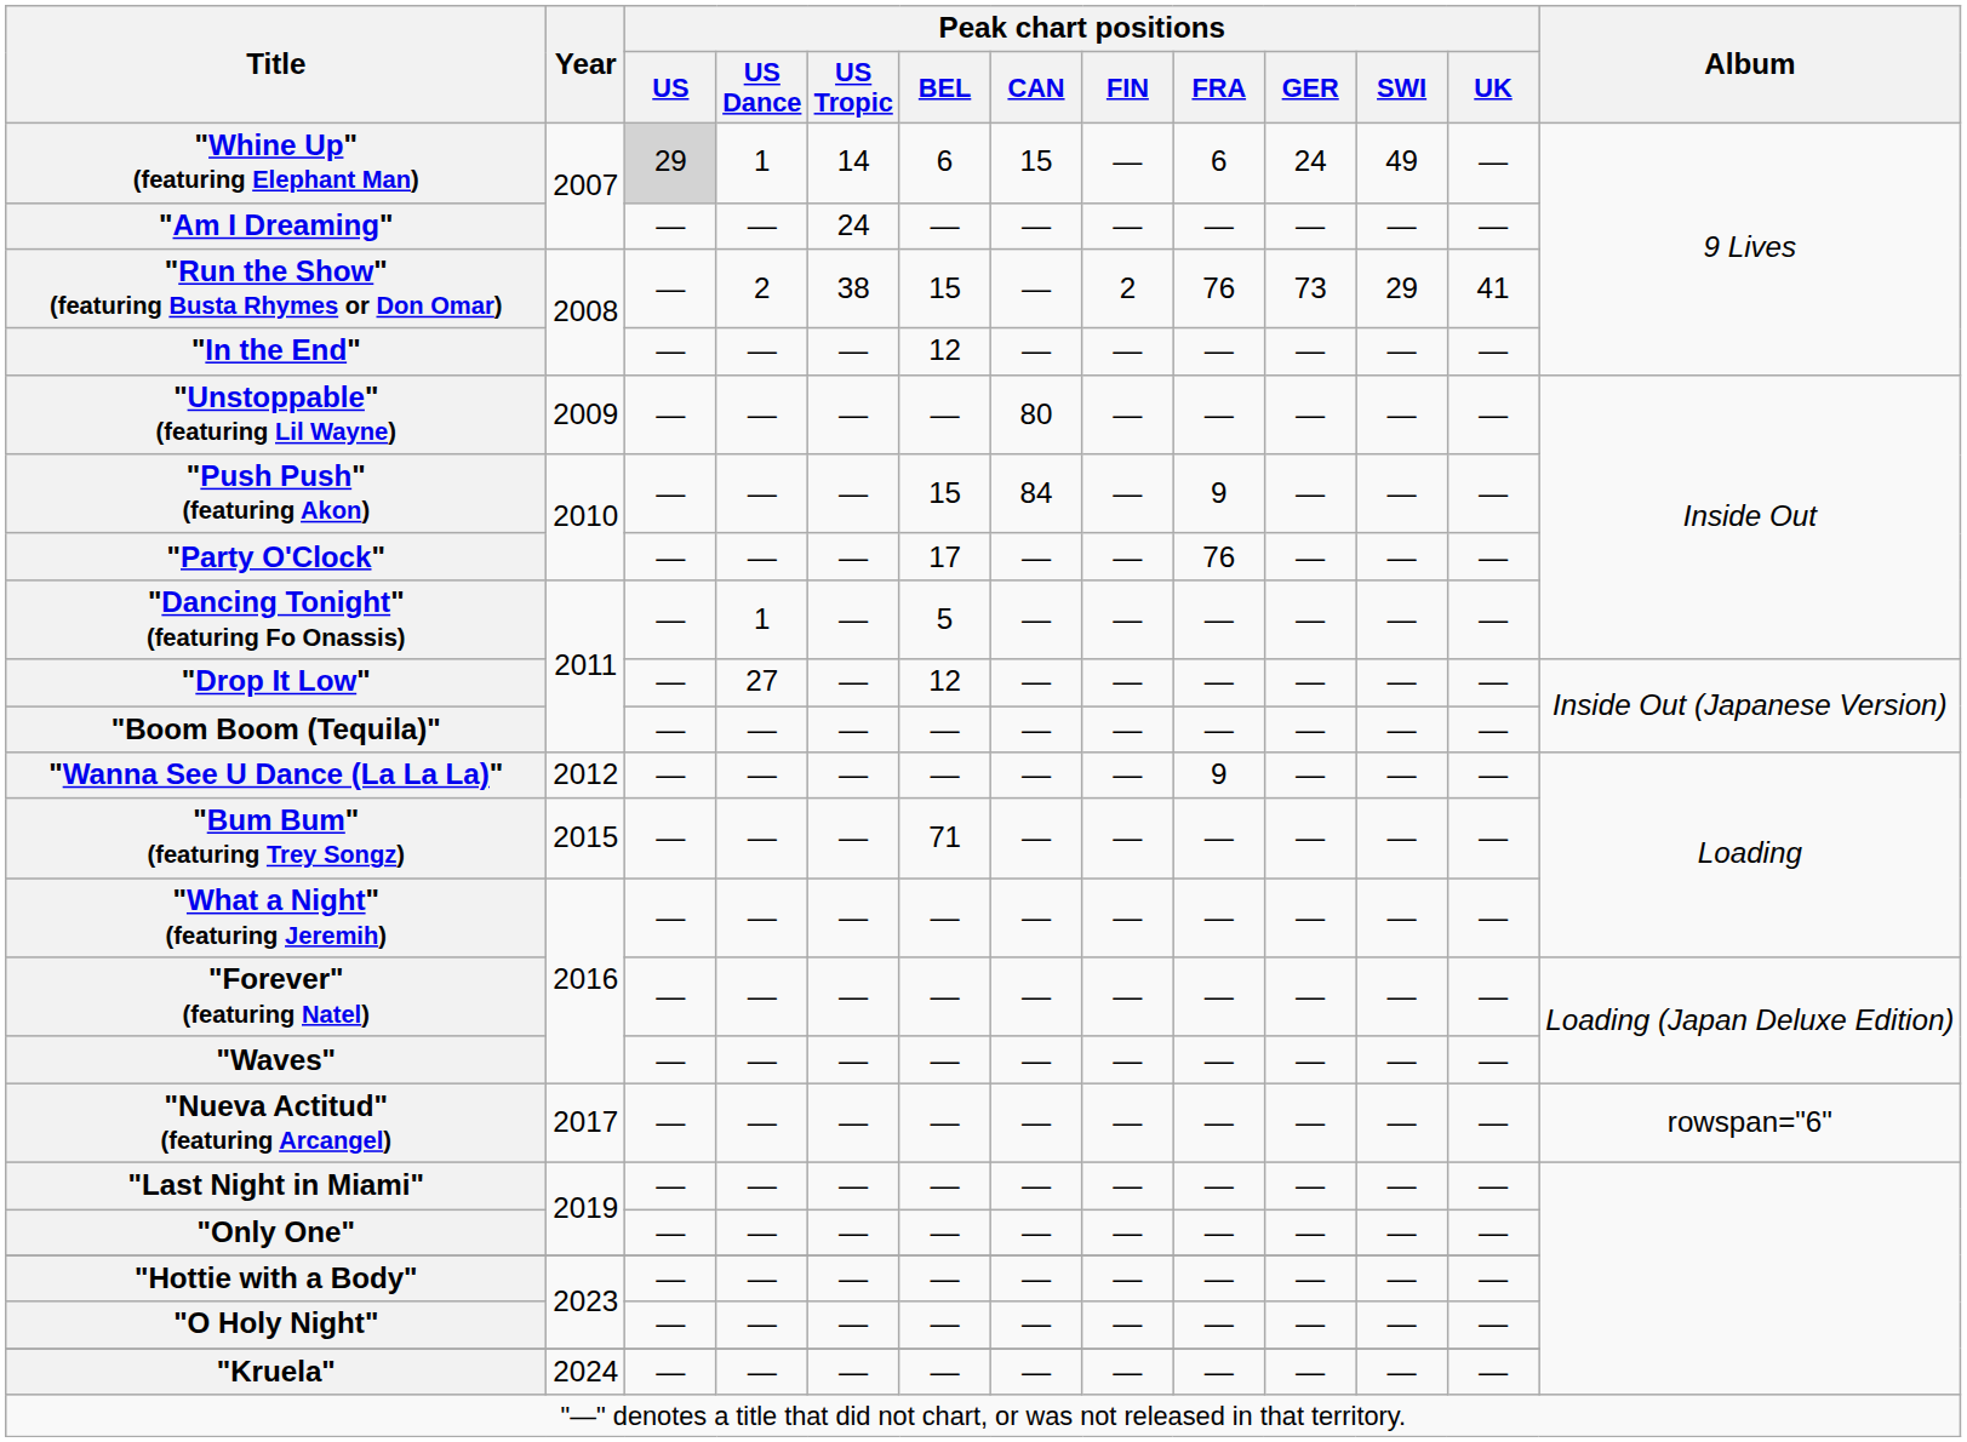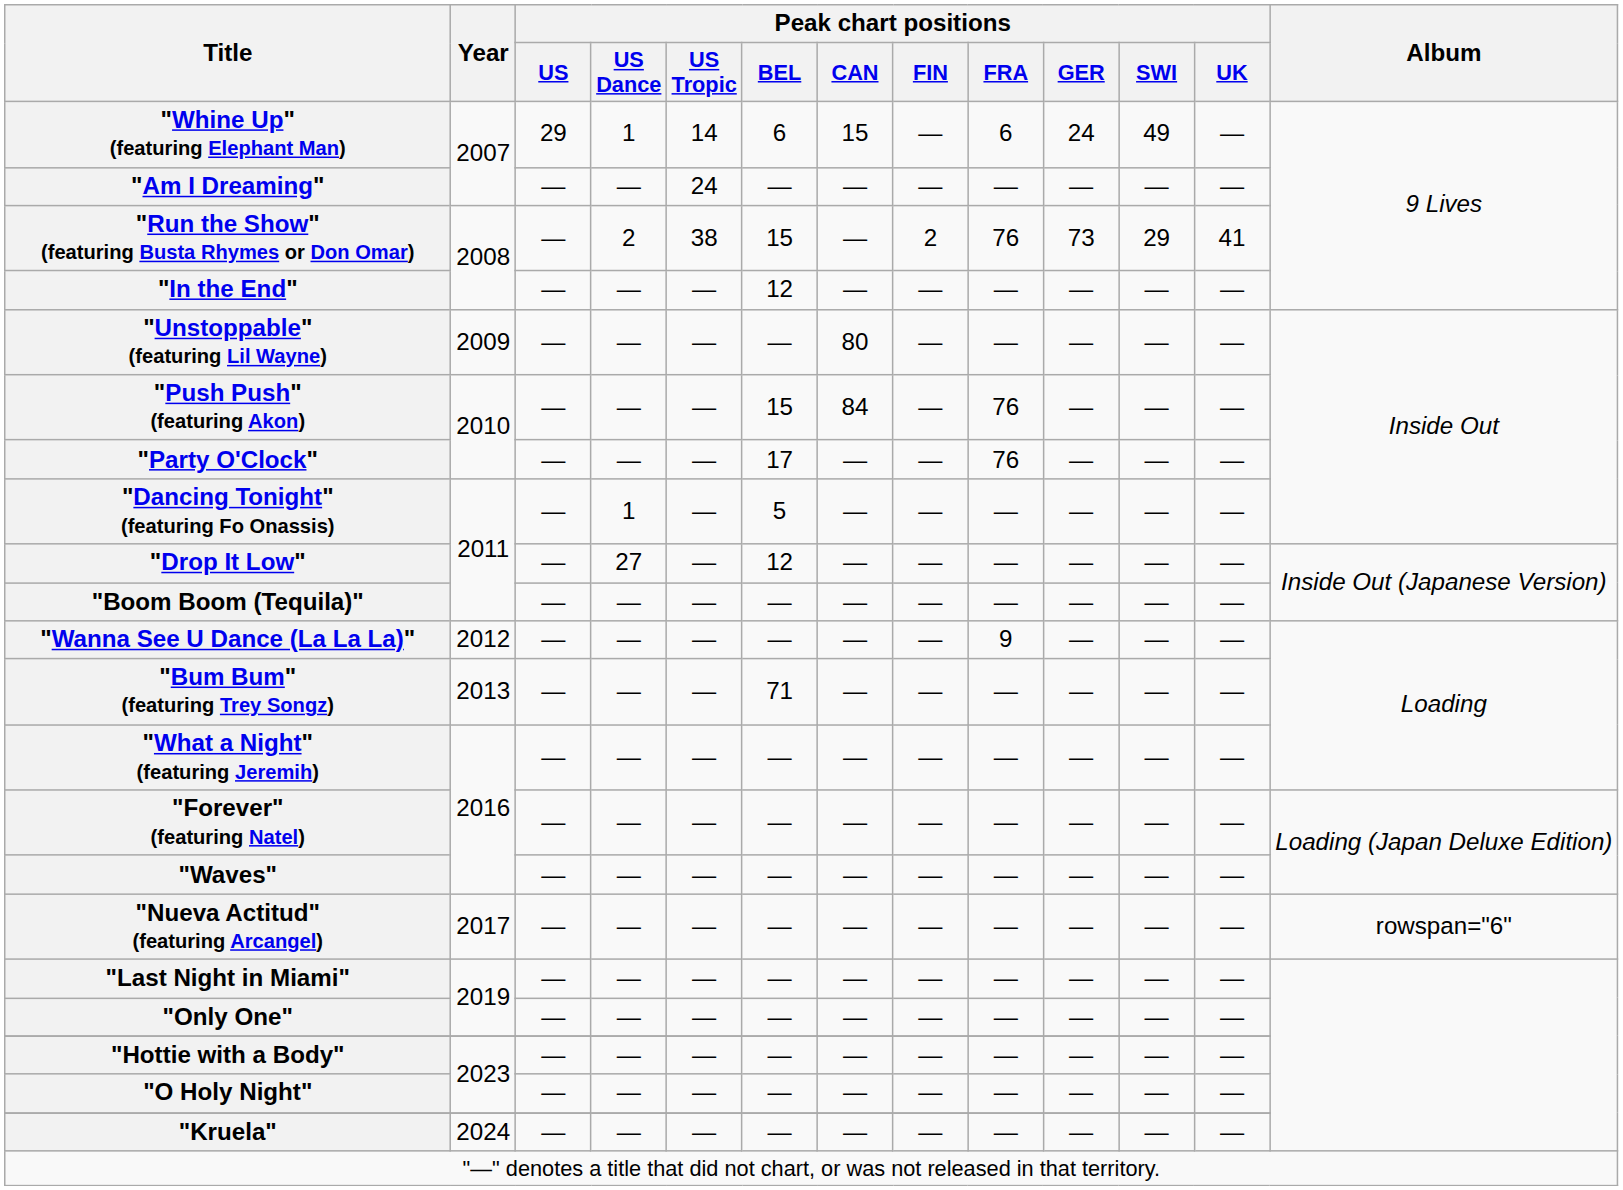 <table class="wikitable plainrowheaders" style="text-align:center;" border="1">
 <tr>
 <th scope="col" rowspan="2" style="width:18em;">Title</th>
 <th scope="col" rowspan="2">Year</th>
 <th scope="col" colspan="10">Peak chart positions</th>
 <th scope="col" rowspan="2">Album</th>
 </tr>
 <tr>
 <th scope="col" style="width:3em;font-size:90%;"><a href='#'>US</a><br></th>
 <th scope="col" style="width:3em;font-size:90%;"><a href='#'>US Dance</a><br></th>
 <th scope="col" style="width:3em;font-size:90%;"><a href='#'>US Tropic</a><br></th>
 <th scope="col" style="width:3em;font-size:90%;"><a href='#'>BEL</a><br></th>
 <th scope="col" style="width:3em;font-size:90%;"><a href='#'>CAN</a><br></th>
 <th scope="col" style="width:3em;font-size:90%;"><a href='#'>FIN</a><br></th>
 <th scope="col" style="width:3em;font-size:90%;"><a href='#'>FRA</a><br></th>
 <th scope="col" style="width:3em;font-size:90%;"><a href='#'>GER</a><br></th>
 <th scope="col" style="width:3em;font-size:90%;"><a href='#'>SWI</a><br></th>
 <th scope="col" style="width:3em;font-size:90%;"><a href='#'>UK</a><br></th>
 </tr>
 <tr>
 <th scope="row">"<a href='#'>Whine Up</a>" <br><small>(featuring <a href='#'>Elephant Man</a>)</small></th>
 <td rowspan="2">2007</td>
-<td style="background: lightgrey;">29</td>
+<td>29</td>
 <td>1</td>
 <td>14</td>
 <td>6</td>
 <td>15</td>
 <td>—</td>
 <td>6</td>
 <td>24</td>
 <td>49</td>
 <td>—</td>
 <td rowspan="4"><em>9 Lives</em></td>
 </tr>
 <tr>
 <th scope="row">"<a href='#'>Am I Dreaming</a>"</th>
 <td>—</td>
 <td>—</td>
 <td>24</td>
 <td>—</td>
 <td>—</td>
 <td>—</td>
 <td>—</td>
 <td>—</td>
 <td>—</td>
 <td>—</td>
 </tr>
 <tr>
 <th scope="row">"<a href='#'>Run the Show</a>" <br><small>(featuring <a href='#'>Busta Rhymes</a> or <a href='#'>Don Omar</a>)</small></th>
 <td rowspan="2">2008</td>
 <td>—</td>
 <td>2</td>
 <td>38</td>
 <td>15</td>
 <td>—</td>
 <td>2</td>
 <td>76</td>
 <td>73</td>
 <td>29</td>
 <td>41</td>
 </tr>
 <tr>
 <th scope="row">"<a href='#'>In the End</a>"</th>
 <td>—</td>
 <td>—</td>
 <td>—</td>
 <td>12</td>
 <td>—</td>
 <td>—</td>
 <td>—</td>
 <td>—</td>
 <td>—</td>
 <td>—</td>
 </tr>
 <tr>
 <th scope="row">"<a href='#'>Unstoppable</a>" <br><small>(featuring <a href='#'>Lil Wayne</a>)</small></th>
 <td rowspan="1">2009</td>
 <td>—</td>
 <td>—</td>
 <td>—</td>
 <td>—</td>
 <td>80</td>
 <td>—</td>
 <td>—</td>
 <td>—</td>
 <td>—</td>
 <td>—</td>
 <td rowspan="4"><em>Inside Out</em></td>
 </tr>
 <tr>
 <th scope="row">"<a href='#'>Push Push</a>" <br><small>(featuring <a href='#'>Akon</a>)</small></th>
 <td rowspan="2">2010</td>
 <td>—</td>
 <td>—</td>
 <td>—</td>
 <td>15</td>
 <td>84</td>
 <td>—</td>
-<td>9</td>
+<td>76</td>
 <td>—</td>
 <td>—</td>
 <td>—</td>
 </tr>
 <tr>
 <th scope="row">"<a href='#'>Party O'Clock</a>"</th>
 <td>—</td>
 <td>—</td>
 <td>—</td>
 <td>17</td>
 <td>—</td>
 <td>—</td>
 <td>76</td>
 <td>—</td>
 <td>—</td>
 <td>—</td>
 </tr>
 <tr>
 <th scope="row">"<a href='#'>Dancing Tonight</a>" <br><small>(featuring Fo Onassis)</small></th>
 <td rowspan="3">2011</td>
 <td>—</td>
 <td>1</td>
 <td>—</td>
 <td>5</td>
 <td>—</td>
 <td>—</td>
 <td>—</td>
 <td>—</td>
 <td>—</td>
 <td>—</td>
 </tr>
 <tr>
 <th scope="row">"<a href='#'>Drop It Low</a>"</th>
 <td>—</td>
 <td>27</td>
 <td>—</td>
 <td>12</td>
 <td>—</td>
 <td>—</td>
 <td>—</td>
 <td>—</td>
 <td>—</td>
 <td>—</td>
 <td rowspan="2"><em>Inside Out (Japanese Version)</em></td>
 </tr>
 <tr>
 <th scope="row">"Boom Boom (Tequila)"</th>
 <td>—</td>
 <td>—</td>
 <td>—</td>
 <td>—</td>
 <td>—</td>
 <td>—</td>
 <td>—</td>
 <td>—</td>
 <td>—</td>
 <td>—</td>
 </tr>
 <tr>
 <th scope="row">"<a href='#'>Wanna See U Dance (La La La)</a>"</th>
 <td>2012</td>
 <td>—</td>
 <td>—</td>
 <td>—</td>
 <td>—</td>
 <td>—</td>
 <td>—</td>
 <td>9</td>
 <td>—</td>
 <td>—</td>
 <td>—</td>
 <td rowspan="3"><em>Loading</em></td>
 </tr>
 <tr>
 <th scope="row">"<a href='#'>Bum Bum</a>" <br><small>(featuring <a href='#'>Trey Songz</a>)</small></th>
-<td>2015</td>
+<td>2013</td>
 <td>—</td>
 <td>—</td>
 <td>—</td>
 <td>71</td>
 <td>—</td>
 <td>—</td>
 <td>—</td>
 <td>—</td>
 <td>—</td>
 <td>—</td>
 </tr>
 <tr>
 <th scope="row">"<a href='#'>What a Night</a>" <br><small>(featuring <a href='#'>Jeremih</a>)</small></th>
 <td rowspan="3">2016</td>
 <td>—</td>
 <td>—</td>
 <td>—</td>
 <td>—</td>
 <td>—</td>
 <td>—</td>
 <td>—</td>
 <td>—</td>
 <td>—</td>
 <td>—</td>
 </tr>
 <tr>
 <th scope="row">"Forever" <br><small>(featuring <a href='#'>Natel</a>)</small></th>
 <td>—</td>
 <td>—</td>
 <td>—</td>
 <td>—</td>
 <td>—</td>
 <td>—</td>
 <td>—</td>
 <td>—</td>
 <td>—</td>
 <td>—</td>
 <td rowspan="2"><em>Loading (Japan Deluxe Edition)</em></td>
 </tr>
 <tr>
 <th scope="row">"Waves"</th>
 <td>—</td>
 <td>—</td>
 <td>—</td>
 <td>—</td>
 <td>—</td>
 <td>—</td>
 <td>—</td>
 <td>—</td>
 <td>—</td>
 <td>—</td>
 </tr>
 <tr>
 <th scope="row">"Nueva Actitud" <br><small>(featuring <a href='#'>Arcangel</a>)</small></th>
 <td rowspan="1">2017</td>
 <td>—</td>
 <td>—</td>
 <td>—</td>
 <td>—</td>
 <td>—</td>
 <td>—</td>
 <td>—</td>
 <td>—</td>
 <td>—</td>
 <td>—</td>
 <td>rowspan="6" </td>
 </tr>
 <tr>
 <th scope="row">"Last Night in Miami"</th>
 <td rowspan="2">2019</td>
 <td>—</td>
 <td>—</td>
 <td>—</td>
 <td>—</td>
 <td>—</td>
 <td>—</td>
 <td>—</td>
 <td>—</td>
 <td>—</td>
 <td>—</td>
 </tr>
 <tr>
 <th scope="row">"Only One"</th>
 <td>—</td>
 <td>—</td>
 <td>—</td>
 <td>—</td>
 <td>—</td>
 <td>—</td>
 <td>—</td>
 <td>—</td>
 <td>—</td>
 <td>—</td>
 </tr>
 <tr>
 </tr>
 <tr>
 <th scope="row">"Hottie with a Body"</th>
 <td rowspan="2">2023</td>
 <td>—</td>
 <td>—</td>
 <td>—</td>
 <td>—</td>
 <td>—</td>
 <td>—</td>
 <td>—</td>
 <td>—</td>
 <td>—</td>
 <td>—</td>
 </tr>
 <tr>
 <th scope="row">"O Holy Night"</th>
 <td>—</td>
 <td>—</td>
 <td>—</td>
 <td>—</td>
 <td>—</td>
 <td>—</td>
 <td>—</td>
 <td>—</td>
 <td>—</td>
 <td>—</td>
 </tr>
 <tr>
 </tr>
 <tr>
 <th scope="row">"Kruela"</th>
 <td rowspan="1">2024</td>
 <td>—</td>
 <td>—</td>
 <td>—</td>
 <td>—</td>
 <td>—</td>
 <td>—</td>
 <td>—</td>
 <td>—</td>
 <td>—</td>
 <td>—</td>
 </tr>
 <tr>
 <td colspan="19" style="font-size:90%">"—" denotes a title that did not chart, or was not released in that territory.</td>
 </tr>
 </table>
